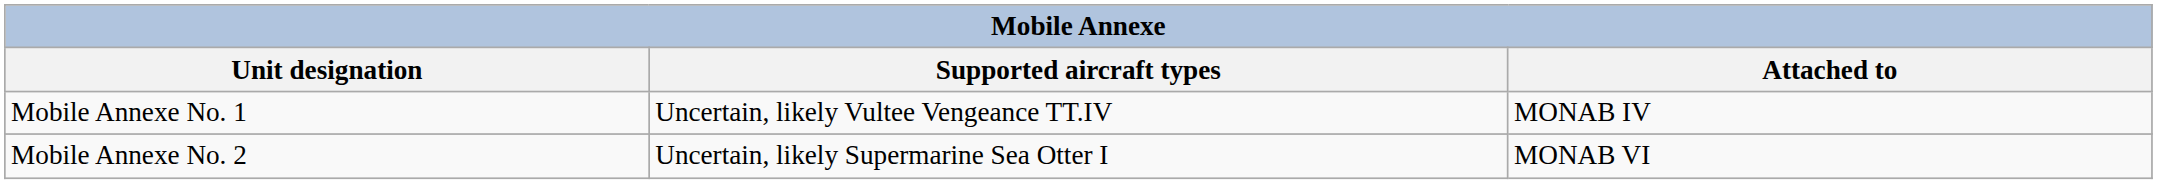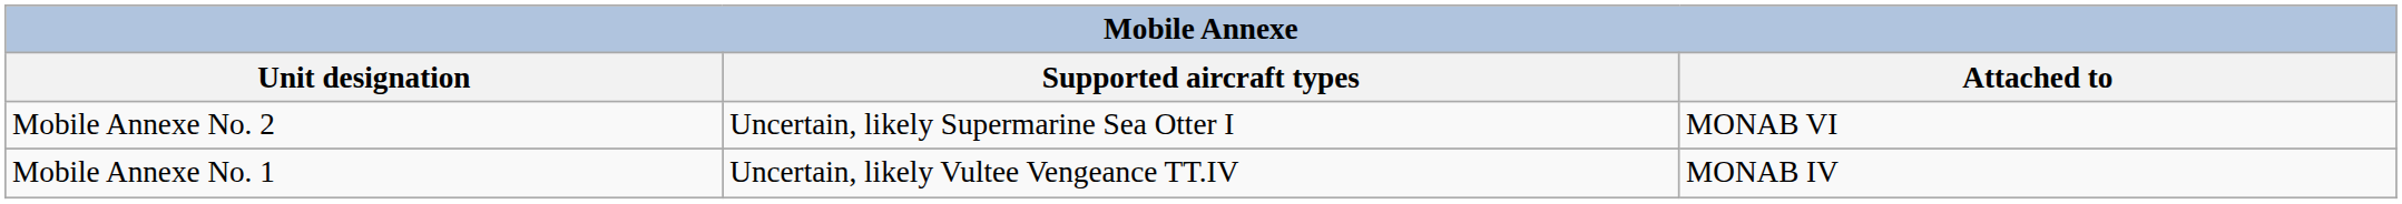 <table class="wikitable" style="margin:auto; width:100%;">
 <tr>
 <th style="align: center; background:#B0C4DE;" colspan="3">Mobile Annexe</th>
 </tr>
 <tr>
 <th style="text-align:center; width:30%;">Unit designation</th>
 <th style="text-align:center; width:40%;">Supported aircraft types</th>
 <th style="text-align:center; width:30%;">Attached to</th>
 </tr>
 <tr>
+<td>Mobile Annexe No. 2</td>
+<td>Uncertain, likely Supermarine Sea Otter I</td>
+<td>MONAB VI</td>
+</tr>
+<tr>
 <td>Mobile Annexe No. 1</td>
 <td>Uncertain, likely Vultee Vengeance TT.IV</td>
 <td>MONAB IV</td>
 </tr>
-<tr>
-<td>Mobile Annexe No. 2</td>
-<td>Uncertain, likely Supermarine Sea Otter I</td>
-<td>MONAB VI</td>
-</tr>
 </table>
